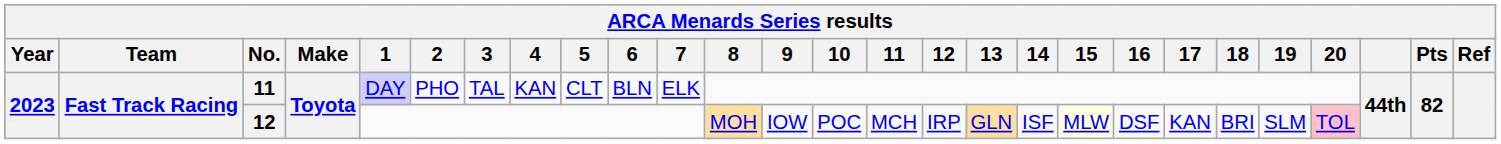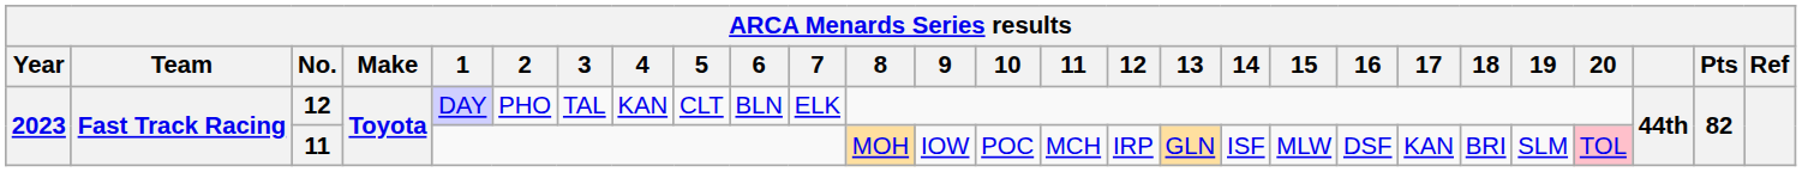 <table class="wikitable" style="text-align:center; font-size:75%">
 <tr>
 <th colspan=27><a href='#'>ARCA Menards Series</a> results</th>
 </tr>
 <tr>
 <th>Year</th>
 <th>Team</th>
 <th>No.</th>
 <th>Make</th>
 <th>1</th>
 <th>2</th>
 <th>3</th>
 <th>4</th>
 <th>5</th>
 <th>6</th>
 <th>7</th>
 <th>8</th>
 <th>9</th>
 <th>10</th>
 <th>11</th>
 <th>12</th>
 <th>13</th>
 <th>14</th>
 <th>15</th>
 <th>16</th>
 <th>17</th>
 <th>18</th>
 <th>19</th>
 <th>20</th>
 <th></th>
 <th>Pts</th>
 <th>Ref</th>
 </tr>
 <tr>
 <th rowspan=2><a href='#'>2023</a></th>
 <th rowspan=2><a href='#'>Fast Track Racing</a></th>
-<th>11</th>
+<th>12</th>
 <th rowspan=2><a href='#'>Toyota</a></th>
 <td style="background:#CFCFFF;"><a href='#'>DAY</a><br></td>
 <td><a href='#'>PHO</a></td>
 <td><a href='#'>TAL</a></td>
 <td><a href='#'>KAN</a></td>
 <td><a href='#'>CLT</a></td>
 <td><a href='#'>BLN</a></td>
 <td><a href='#'>ELK</a></td>
 <td colspan=13></td>
 <th rowspan=2>44th</th>
 <th rowspan=2>82</th>
 <th rowspan=2></th>
 </tr>
 <tr>
-<th>12</th>
+<th>11</th>
 <td colspan=7></td>
 <td style="background:#FFDF9F;"><a href='#'>MOH</a><br></td>
 <td><a href='#'>IOW</a></td>
 <td><a href='#'>POC</a></td>
 <td><a href='#'>MCH</a></td>
 <td><a href='#'>IRP</a></td>
 <td style="background:#FFDF9F;"><a href='#'>GLN</a><br></td>
 <td><a href='#'>ISF</a></td>
-<td style="background: lightyellow;"><a href='#'>MLW</a></td>
+<td><a href='#'>MLW</a></td>
 <td><a href='#'>DSF</a></td>
 <td><a href='#'>KAN</a></td>
 <td><a href='#'>BRI</a></td>
 <td><a href='#'>SLM</a></td>
 <td style="background: pink;"><a href='#'>TOL</a></td>
 </tr>
 </table>
